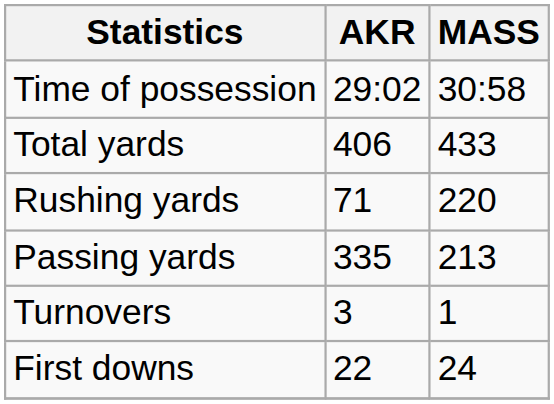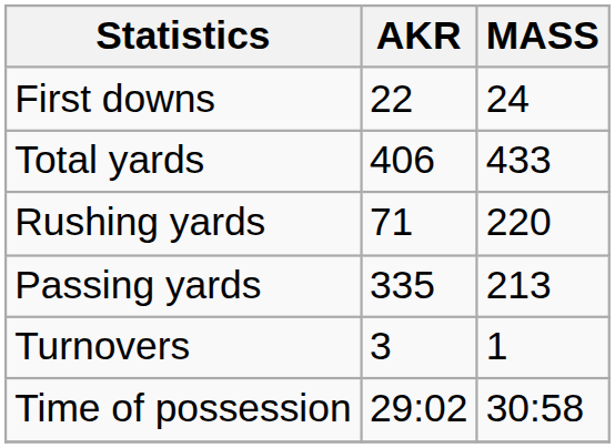 <table class="wikitable">
 <tr>
 <th>Statistics</th>
 <th>AKR</th>
 <th>MASS</th>
 </tr>
 <tr>
-<td>Time of possession</td>
-<td>29:02</td>
-<td>30:58</td>
+<td>First downs</td>
+<td>22</td>
+<td>24</td>
 </tr>
 <tr>
 <td>Total yards</td>
 <td>406</td>
 <td>433</td>
 </tr>
 <tr>
 <td>Rushing yards</td>
 <td>71</td>
 <td>220</td>
 </tr>
 <tr>
 <td>Passing yards</td>
 <td>335</td>
 <td>213</td>
 </tr>
 <tr>
 <td>Turnovers</td>
 <td>3</td>
 <td>1</td>
 </tr>
 <tr>
-<td>First downs</td>
-<td>22</td>
-<td>24</td>
+<td>Time of possession</td>
+<td>29:02</td>
+<td>30:58</td>
 </tr>
 <tr>
 </tr>
 </table>
